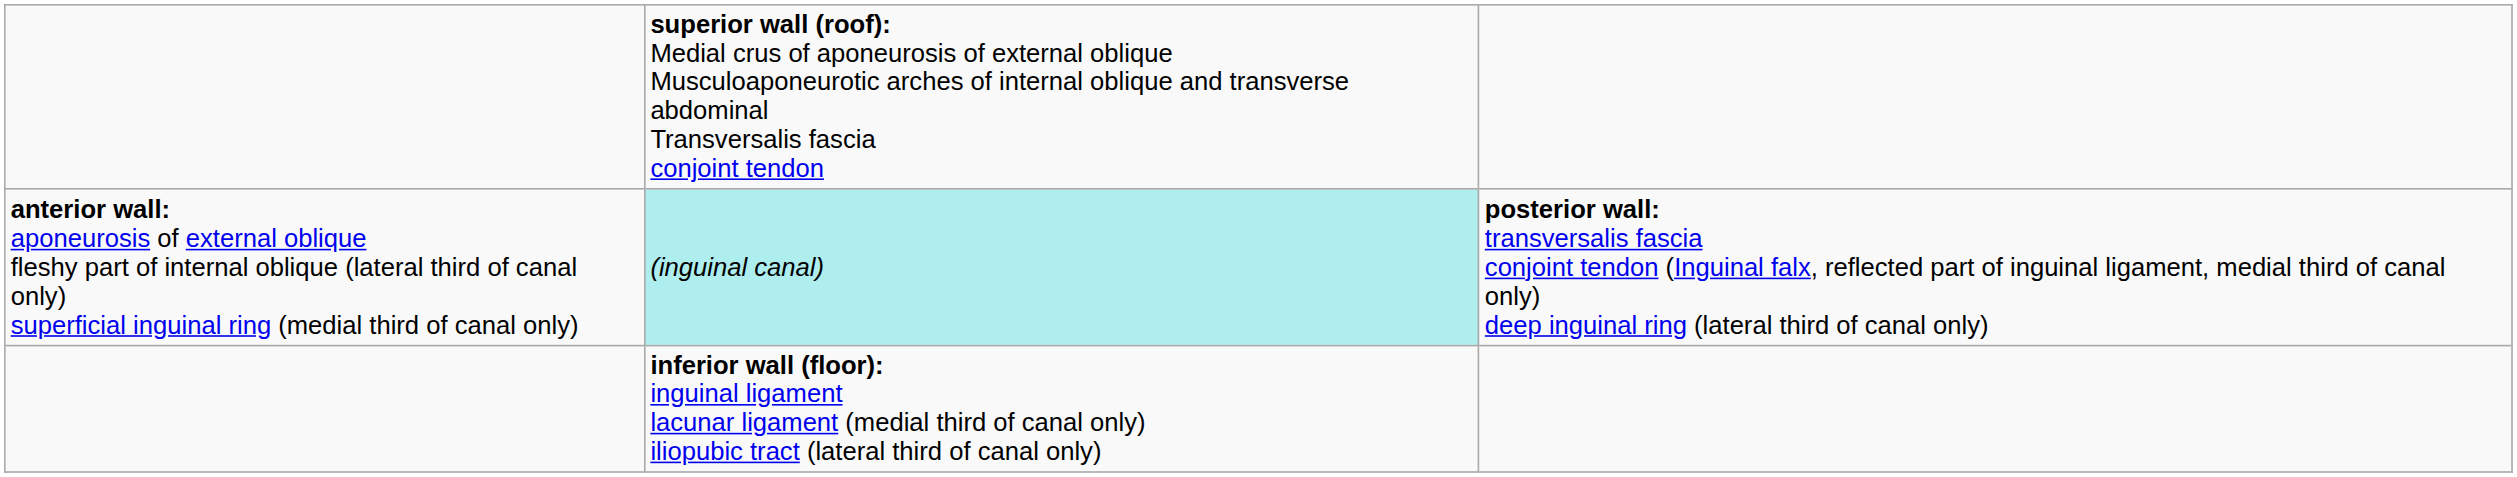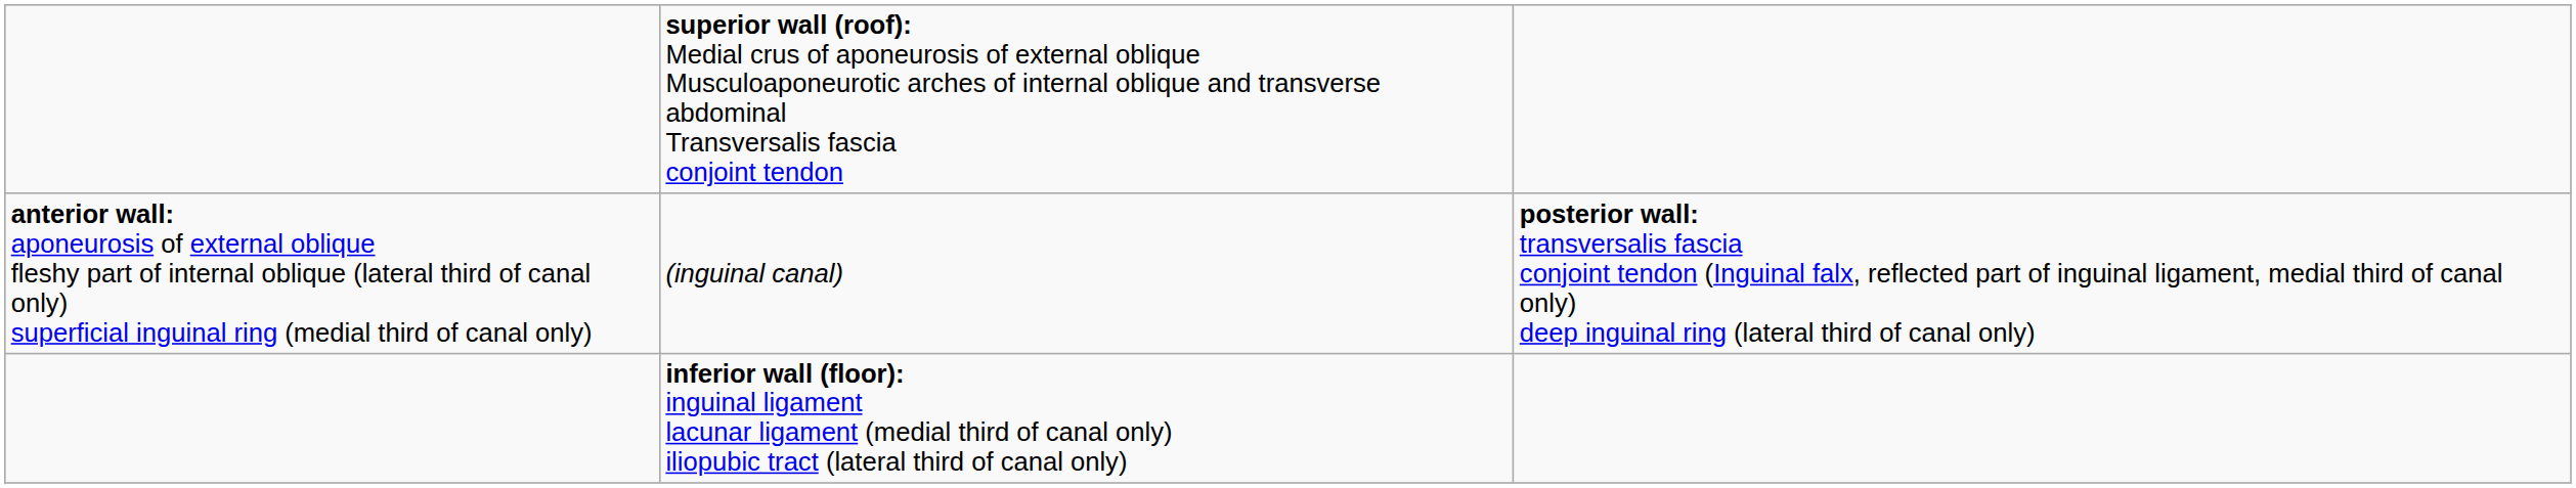 <table class="wikitable">
 <tr>
 <td></td>
 <td><strong>superior wall (roof):</strong><br> Medial crus of aponeurosis of external oblique<br>Musculoaponeurotic arches of internal oblique and transverse abdominal<br>Transversalis fascia<br><a href='#'>conjoint tendon</a></td>
 </tr>
 <tr>
 <td><strong>anterior wall:</strong><br><a href='#'>aponeurosis</a> of <a href='#'>external oblique</a><br>fleshy part of internal oblique (lateral third of canal only)<br><a href='#'>superficial inguinal ring</a> (medial third of canal only)</td>
-<td style="background: paleturquoise;"><em>(inguinal canal)</em></td>
+<td><em>(inguinal canal)</em></td>
 <td><strong>posterior wall:</strong><br><a href='#'>transversalis fascia</a><br><a href='#'>conjoint tendon</a> (<a href='#'>Inguinal falx</a>, reflected part of inguinal ligament, medial third of canal only)<br><a href='#'>deep inguinal ring</a> (lateral third of canal only)</td>
 </tr>
 <tr>
 <td></td>
 <td><strong>inferior wall (floor):</strong><br><a href='#'>inguinal ligament</a><br><a href='#'>lacunar ligament</a> (medial third of canal only)<br><a href='#'>iliopubic tract</a> (lateral third of canal only)</td>
 <td></td>
 </tr>
 </table>
